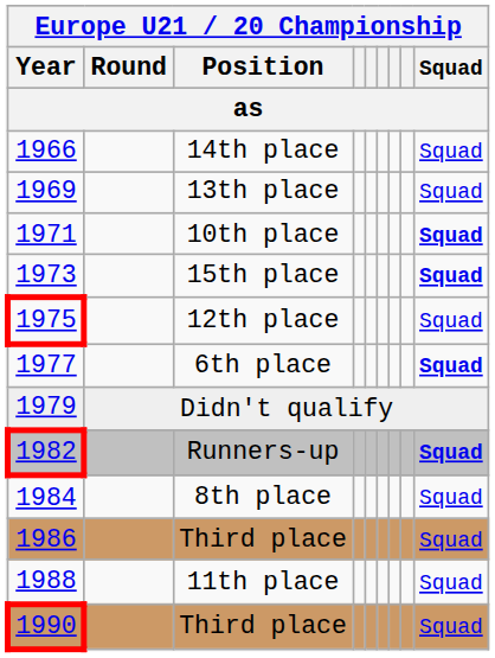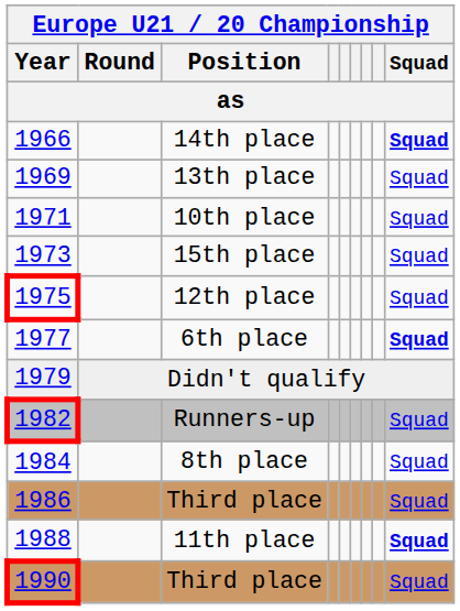 <table class="wikitable" style="text-align: center;">
 <tr>
 <th colspan=9><a href='#'>Europe U21 / 20 Championship</a></th>
 </tr>
 <tr>
 <th>Year</th>
 <th>Round</th>
 <th>Position</th>
 <th></th>
 <th></th>
 <th></th>
 <th></th>
 <th></th>
 <th><small>Squad</small></th>
 </tr>
 <tr>
 <th colspan=9>as </th>
 </tr>
 <tr bgcolor=>
 <td> <a href='#'>1966</a></td>
 <td></td>
 <td>14th place</td>
 <td></td>
 <td></td>
 <td></td>
 <td></td>
 <td></td>
-<td><small><a href='#'>Squad</a></small></td>
+<td><strong><small><a href='#'>Squad</a></small></strong></td>
 </tr>
 <tr bgcolor=>
 <td> <a href='#'>1969</a></td>
 <td></td>
 <td>13th place</td>
 <td></td>
 <td></td>
 <td></td>
 <td></td>
 <td></td>
 <td><small><a href='#'>Squad</a></small></td>
 </tr>
 <tr bgcolor=>
 <td> <a href='#'>1971</a></td>
 <td></td>
 <td>10th place</td>
 <td></td>
 <td></td>
 <td></td>
 <td></td>
 <td></td>
-<td><strong><small><a href='#'>Squad</a></small></strong></td>
+<td><small><a href='#'>Squad</a></small></td>
 </tr>
 <tr bgcolor=>
 <td> <a href='#'>1973</a></td>
 <td></td>
 <td>15th place</td>
 <td></td>
 <td></td>
 <td></td>
 <td></td>
 <td></td>
-<td><strong><small><a href='#'>Squad</a></small></strong></td>
+<td><small><a href='#'>Squad</a></small></td>
 </tr>
 <tr bgcolor=>
 <td style="border:3px solid red"> <a href='#'>1975</a></td>
 <td></td>
 <td>12th place</td>
 <td></td>
 <td></td>
 <td></td>
 <td></td>
 <td></td>
 <td><small><a href='#'>Squad</a></small></td>
 </tr>
 <tr bgcolor=>
 <td> <a href='#'>1977</a></td>
 <td></td>
 <td>6th place</td>
 <td></td>
 <td></td>
 <td></td>
 <td></td>
 <td></td>
 <td><strong><small><a href='#'>Squad</a></small></strong></td>
 </tr>
 <tr bgcolor=efefef>
 <td> <a href='#'>1979</a></td>
 <td colspan=9>Didn't qualify</td>
 </tr>
 <tr bgcolor=silver>
 <td style="border:3px solid red"> <a href='#'>1982</a></td>
 <td></td>
 <td>Runners-up</td>
 <td></td>
 <td></td>
 <td></td>
 <td></td>
 <td></td>
-<td><strong><small><a href='#'>Squad</a></small></strong></td>
+<td><small><a href='#'>Squad</a></small></td>
 </tr>
 <tr bgcolor=>
 <td> <a href='#'>1984</a></td>
 <td></td>
 <td>8th place</td>
 <td></td>
 <td></td>
 <td></td>
 <td></td>
 <td></td>
 <td><small><a href='#'>Squad</a></small></td>
 </tr>
 <tr bgcolor=cc9966>
 <td> <a href='#'>1986</a></td>
 <td></td>
 <td>Third place</td>
 <td></td>
 <td></td>
 <td></td>
 <td></td>
 <td></td>
 <td><small><a href='#'>Squad</a></small></td>
 </tr>
 <tr bgcolor=>
 <td> <a href='#'>1988</a></td>
 <td></td>
 <td>11th place</td>
 <td></td>
 <td></td>
 <td></td>
 <td></td>
 <td></td>
-<td><small><a href='#'>Squad</a></small></td>
+<td><strong><small><a href='#'>Squad</a></small></strong></td>
 </tr>
 <tr bgcolor=cc9966>
 <td style="border:3px solid red"> <a href='#'>1990</a></td>
 <td></td>
 <td>Third place</td>
 <td></td>
 <td></td>
 <td></td>
 <td></td>
 <td></td>
 <td><small><a href='#'>Squad</a></small></td>
 </tr>
 </table>
